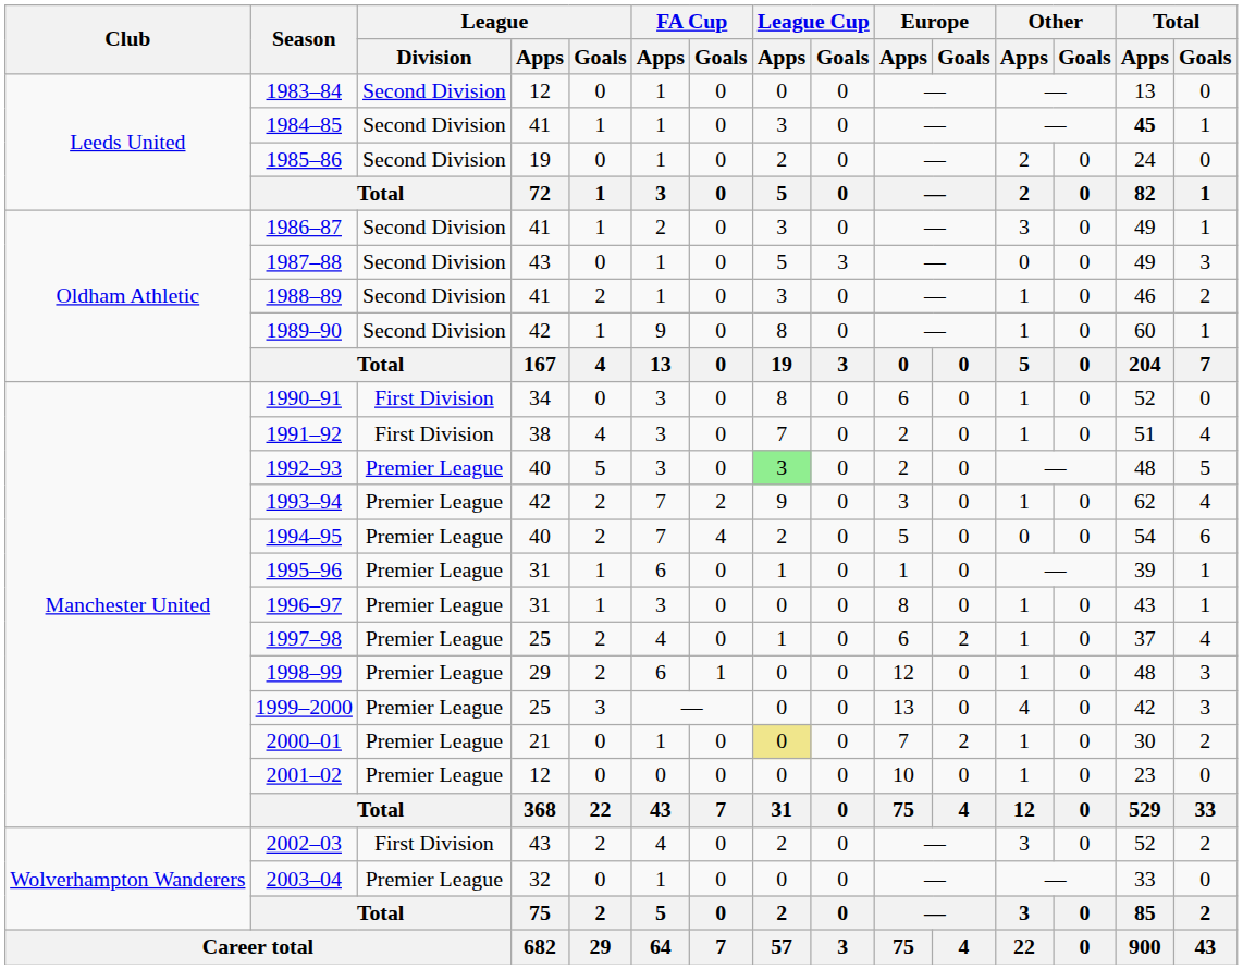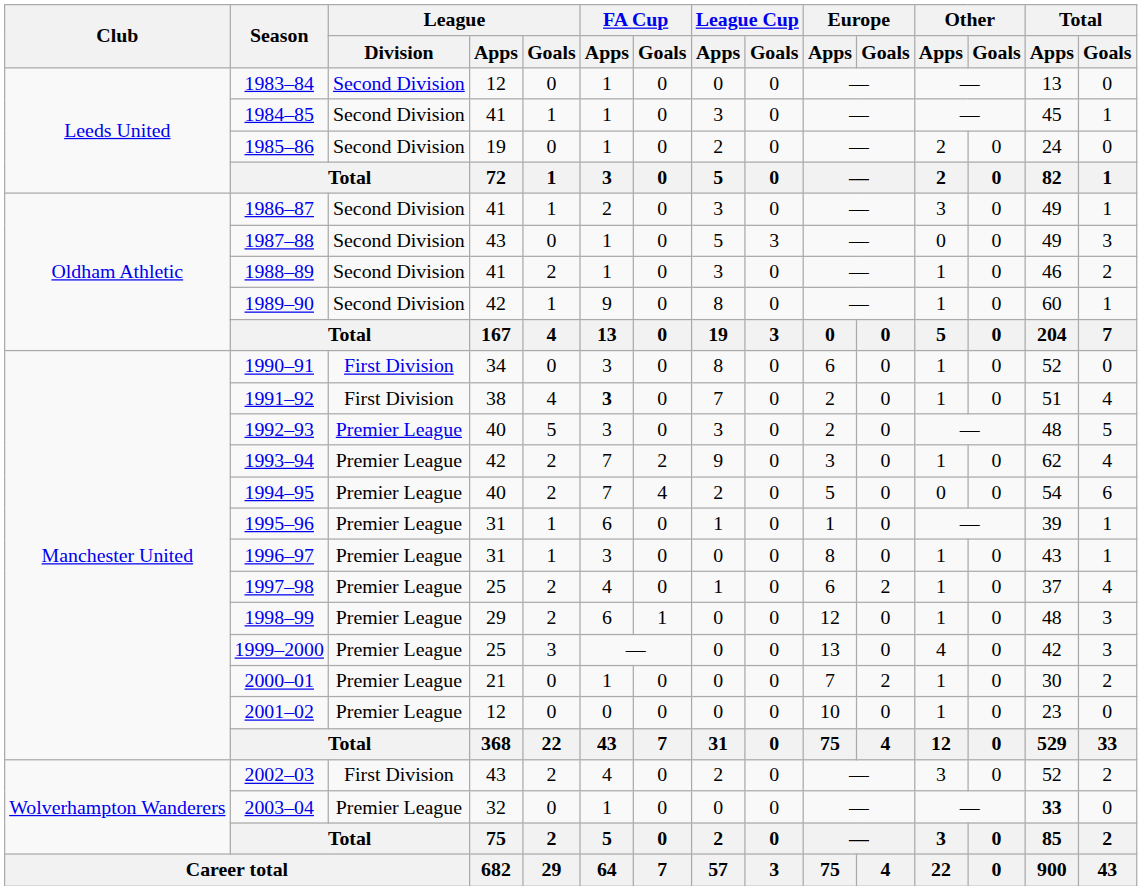 <table class=wikitable style="text-align: center;">
 <tr>
 <th rowspan="2">Club</th>
 <th rowspan="2">Season</th>
 <th colspan="3">League</th>
 <th colspan="2"><a href='#'>FA Cup</a></th>
 <th colspan="2"><a href='#'>League Cup</a></th>
 <th colspan="2">Europe</th>
 <th colspan="2">Other</th>
 <th colspan="2">Total</th>
 </tr>
 <tr>
 <th>Division</th>
 <th>Apps</th>
 <th>Goals</th>
 <th>Apps</th>
 <th>Goals</th>
 <th>Apps</th>
 <th>Goals</th>
 <th>Apps</th>
 <th>Goals</th>
 <th>Apps</th>
 <th>Goals</th>
 <th>Apps</th>
 <th>Goals</th>
 </tr>
 <tr>
 <td rowspan="4"><a href='#'>Leeds United</a></td>
 <td><a href='#'>1983–84</a></td>
 <td><a href='#'>Second Division</a></td>
 <td>12</td>
 <td>0</td>
 <td>1</td>
 <td>0</td>
 <td>0</td>
 <td>0</td>
 <td colspan="2">—</td>
 <td colspan="2">—</td>
 <td>13</td>
 <td>0</td>
 </tr>
 <tr>
 <td><a href='#'>1984–85</a></td>
 <td>Second Division</td>
 <td>41</td>
 <td>1</td>
 <td>1</td>
 <td>0</td>
 <td>3</td>
 <td>0</td>
 <td colspan="2">—</td>
 <td colspan="2">—</td>
-<td><strong>45</strong></td>
+<td>45</td>
 <td>1</td>
 </tr>
 <tr>
 <td><a href='#'>1985–86</a></td>
 <td>Second Division</td>
 <td>19</td>
 <td>0</td>
 <td>1</td>
 <td>0</td>
 <td>2</td>
 <td>0</td>
 <td colspan="2">—</td>
 <td>2</td>
 <td>0</td>
 <td>24</td>
 <td>0</td>
 </tr>
 <tr>
 <th colspan="2">Total</th>
 <th>72</th>
 <th>1</th>
 <th>3</th>
 <th>0</th>
 <th>5</th>
 <th>0</th>
 <th colspan="2">—</th>
 <th>2</th>
 <th>0</th>
 <th>82</th>
 <th>1</th>
 </tr>
 <tr>
 <td rowspan="5"><a href='#'>Oldham Athletic</a></td>
 <td><a href='#'>1986–87</a></td>
 <td>Second Division</td>
 <td>41</td>
 <td>1</td>
 <td>2</td>
 <td>0</td>
 <td>3</td>
 <td>0</td>
 <td colspan="2">—</td>
 <td>3</td>
 <td>0</td>
 <td>49</td>
 <td>1</td>
 </tr>
 <tr>
 <td><a href='#'>1987–88</a></td>
 <td>Second Division</td>
 <td>43</td>
 <td>0</td>
 <td>1</td>
 <td>0</td>
 <td>5</td>
 <td>3</td>
 <td colspan="2">—</td>
 <td>0</td>
 <td>0</td>
 <td>49</td>
 <td>3</td>
 </tr>
 <tr>
 <td><a href='#'>1988–89</a></td>
 <td>Second Division</td>
 <td>41</td>
 <td>2</td>
 <td>1</td>
 <td>0</td>
 <td>3</td>
 <td>0</td>
 <td colspan="2">—</td>
 <td>1</td>
 <td>0</td>
 <td>46</td>
 <td>2</td>
 </tr>
 <tr>
 <td><a href='#'>1989–90</a></td>
 <td>Second Division</td>
 <td>42</td>
 <td>1</td>
 <td>9</td>
 <td>0</td>
 <td>8</td>
 <td>0</td>
 <td colspan="2">—</td>
 <td>1</td>
 <td>0</td>
 <td>60</td>
 <td>1</td>
 </tr>
 <tr>
 <th colspan="2">Total</th>
 <th>167</th>
 <th>4</th>
 <th>13</th>
 <th>0</th>
 <th>19</th>
 <th>3</th>
 <th>0</th>
 <th>0</th>
 <th>5</th>
 <th>0</th>
 <th>204</th>
 <th>7</th>
 </tr>
 <tr>
 <td rowspan="13"><a href='#'>Manchester United</a></td>
 <td><a href='#'>1990–91</a></td>
 <td><a href='#'>First Division</a></td>
 <td>34</td>
 <td>0</td>
 <td>3</td>
 <td>0</td>
 <td>8</td>
 <td>0</td>
 <td>6</td>
 <td>0</td>
 <td>1</td>
 <td>0</td>
 <td>52</td>
 <td>0</td>
 </tr>
 <tr>
 <td><a href='#'>1991–92</a></td>
 <td>First Division</td>
 <td>38</td>
 <td>4</td>
-<td>3</td>
+<td><strong>3</strong></td>
 <td>0</td>
 <td>7</td>
 <td>0</td>
 <td>2</td>
 <td>0</td>
 <td>1</td>
 <td>0</td>
 <td>51</td>
 <td>4</td>
 </tr>
 <tr>
 <td><a href='#'>1992–93</a></td>
 <td><a href='#'>Premier League</a></td>
 <td>40</td>
 <td>5</td>
 <td>3</td>
 <td>0</td>
-<td style="background: lightgreen;">3</td>
+<td>3</td>
 <td>0</td>
 <td>2</td>
 <td>0</td>
 <td colspan="2">—</td>
 <td>48</td>
 <td>5</td>
 </tr>
 <tr>
 <td><a href='#'>1993–94</a></td>
 <td>Premier League</td>
 <td>42</td>
 <td>2</td>
 <td>7</td>
 <td>2</td>
 <td>9</td>
 <td>0</td>
 <td>3</td>
 <td>0</td>
 <td>1</td>
 <td>0</td>
 <td>62</td>
 <td>4</td>
 </tr>
 <tr>
 <td><a href='#'>1994–95</a></td>
 <td>Premier League</td>
 <td>40</td>
 <td>2</td>
 <td>7</td>
 <td>4</td>
 <td>2</td>
 <td>0</td>
 <td>5</td>
 <td>0</td>
 <td>0</td>
 <td>0</td>
 <td>54</td>
 <td>6</td>
 </tr>
 <tr>
 <td><a href='#'>1995–96</a></td>
 <td>Premier League</td>
 <td>31</td>
 <td>1</td>
 <td>6</td>
 <td>0</td>
 <td>1</td>
 <td>0</td>
 <td>1</td>
 <td>0</td>
 <td colspan="2">—</td>
 <td>39</td>
 <td>1</td>
 </tr>
 <tr>
 <td><a href='#'>1996–97</a></td>
 <td>Premier League</td>
 <td>31</td>
 <td>1</td>
 <td>3</td>
 <td>0</td>
 <td>0</td>
 <td>0</td>
 <td>8</td>
 <td>0</td>
 <td>1</td>
 <td>0</td>
 <td>43</td>
 <td>1</td>
 </tr>
 <tr>
 <td><a href='#'>1997–98</a></td>
 <td>Premier League</td>
 <td>25</td>
 <td>2</td>
 <td>4</td>
 <td>0</td>
 <td>1</td>
 <td>0</td>
 <td>6</td>
 <td>2</td>
 <td>1</td>
 <td>0</td>
 <td>37</td>
 <td>4</td>
 </tr>
 <tr>
 <td><a href='#'>1998–99</a></td>
 <td>Premier League</td>
 <td>29</td>
 <td>2</td>
 <td>6</td>
 <td>1</td>
 <td>0</td>
 <td>0</td>
 <td>12</td>
 <td>0</td>
 <td>1</td>
 <td>0</td>
 <td>48</td>
 <td>3</td>
 </tr>
 <tr>
 <td><a href='#'>1999–2000</a></td>
 <td>Premier League</td>
 <td>25</td>
 <td>3</td>
 <td colspan="2">—</td>
 <td>0</td>
 <td>0</td>
 <td>13</td>
 <td>0</td>
 <td>4</td>
 <td>0</td>
 <td>42</td>
 <td>3</td>
 </tr>
 <tr>
 <td><a href='#'>2000–01</a></td>
 <td>Premier League</td>
 <td>21</td>
 <td>0</td>
 <td>1</td>
 <td>0</td>
-<td style="background: khaki;">0</td>
+<td>0</td>
 <td>0</td>
 <td>7</td>
 <td>2</td>
 <td>1</td>
 <td>0</td>
 <td>30</td>
 <td>2</td>
 </tr>
 <tr>
 <td><a href='#'>2001–02</a></td>
 <td>Premier League</td>
 <td>12</td>
 <td>0</td>
 <td>0</td>
 <td>0</td>
 <td>0</td>
 <td>0</td>
 <td>10</td>
 <td>0</td>
 <td>1</td>
 <td>0</td>
 <td>23</td>
 <td>0</td>
 </tr>
 <tr>
 <th colspan="2">Total</th>
 <th>368</th>
 <th>22</th>
 <th>43</th>
 <th>7</th>
 <th>31</th>
 <th>0</th>
 <th>75</th>
 <th>4</th>
 <th>12</th>
 <th>0</th>
 <th>529</th>
 <th>33</th>
 </tr>
 <tr>
 <td rowspan="3"><a href='#'>Wolverhampton Wanderers</a></td>
 <td><a href='#'>2002–03</a></td>
 <td>First Division</td>
 <td>43</td>
 <td>2</td>
 <td>4</td>
 <td>0</td>
 <td>2</td>
 <td>0</td>
 <td colspan="2">—</td>
 <td>3</td>
 <td>0</td>
 <td>52</td>
 <td>2</td>
 </tr>
 <tr>
 <td><a href='#'>2003–04</a></td>
 <td>Premier League</td>
 <td>32</td>
 <td>0</td>
 <td>1</td>
 <td>0</td>
 <td>0</td>
 <td>0</td>
 <td colspan="2">—</td>
 <td colspan="2">—</td>
-<td>33</td>
+<td><strong>33</strong></td>
 <td>0</td>
 </tr>
 <tr>
 <th colspan="2">Total</th>
 <th>75</th>
 <th>2</th>
 <th>5</th>
 <th>0</th>
 <th>2</th>
 <th>0</th>
 <th colspan="2">—</th>
 <th>3</th>
 <th>0</th>
 <th>85</th>
 <th>2</th>
 </tr>
 <tr>
 <th colspan="3">Career total</th>
 <th>682</th>
 <th>29</th>
 <th>64</th>
 <th>7</th>
 <th>57</th>
 <th>3</th>
 <th>75</th>
 <th>4</th>
 <th>22</th>
 <th>0</th>
 <th>900</th>
 <th>43</th>
 </tr>
 </table>
